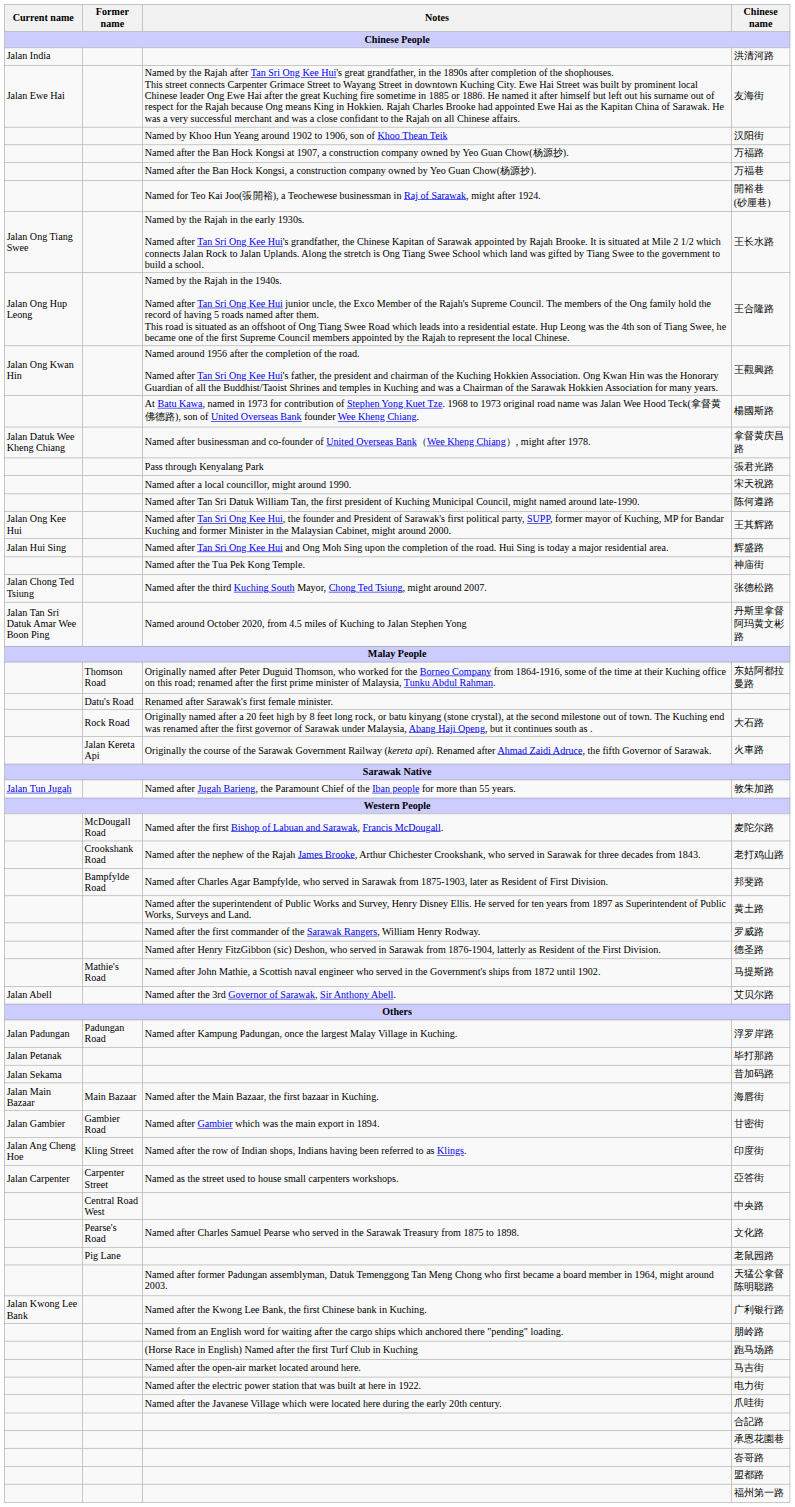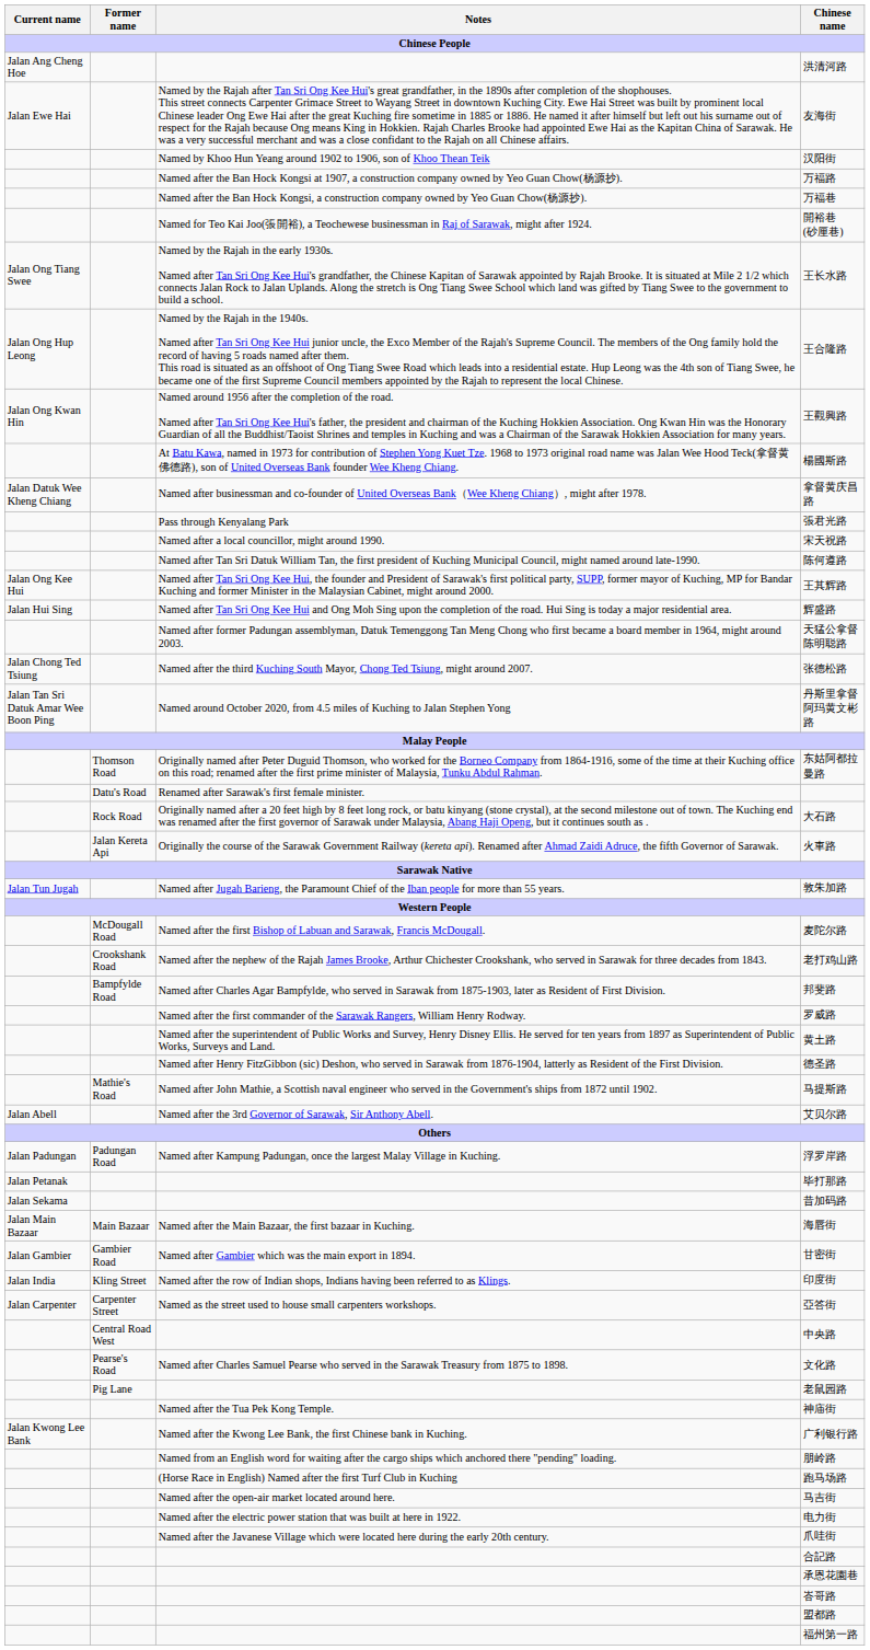 <table class="wikitable" border="1">
 <tr>
 <th>Current name</th>
 <th>Former name</th>
 <th>Notes</th>
 <th>Chinese name</th>
 </tr>
 <tr>
 <th colspan="4" style="background: #ccf;">Chinese People</th>
 </tr>
 <tr>
-<td>Jalan India</td>
+<td>Jalan Ang Cheng Hoe</td>
 <td></td>
 <td></td>
 <td>洪清河路</td>
 </tr>
 <tr>
 <td>Jalan Ewe Hai</td>
 <td></td>
 <td>Named by the Rajah after <a href='#'>Tan Sri Ong Kee Hui</a>'s great grandfather, in the 1890s after completion of the shophouses.<br>This street connects Carpenter Grimace Street to Wayang Street in downtown Kuching City. Ewe Hai Street was built by prominent local Chinese leader Ong Ewe Hai after the great Kuching fire sometime in 1885 or 1886. He named it after himself but left out his surname out of respect for the Rajah because Ong means King in Hokkien. Rajah Charles Brooke had appointed Ewe Hai as the Kapitan China of Sarawak. He was a very successful merchant and was a close confidant to the Rajah on all Chinese affairs.</td>
 <td>友海街</td>
 </tr>
 <tr>
 <td></td>
 <td></td>
 <td>Named by Khoo Hun Yeang around 1902 to 1906, son of <a href='#'>Khoo Thean Teik</a></td>
 <td>汉阳街</td>
 </tr>
 <tr>
 <td></td>
 <td></td>
 <td>Named after the Ban Hock Kongsi at 1907, a construction company owned by Yeo Guan Chow(杨源抄).</td>
 <td>万福路</td>
 </tr>
 <tr>
 <td></td>
 <td></td>
 <td>Named after the Ban Hock Kongsi, a construction company owned by Yeo Guan Chow(杨源抄).</td>
 <td>万福巷</td>
 </tr>
 <tr>
 <td></td>
 <td></td>
 <td>Named for Teo Kai Joo(張開裕), a Teochewese businessman in <a href='#'>Raj of Sarawak</a>, might after 1924.</td>
 <td>開裕巷<br>(砂厘巷)</td>
 </tr>
 <tr>
 <td>Jalan Ong Tiang Swee</td>
 <td></td>
 <td>Named by the Rajah in the early 1930s.<br><br>Named after <a href='#'>Tan Sri Ong Kee Hui</a>'s grandfather, the Chinese Kapitan of Sarawak appointed by Rajah Brooke. It is situated at Mile 2 1/2 which connects Jalan Rock to Jalan Uplands. Along the stretch is Ong Tiang Swee School which land was gifted by Tiang Swee to the government to build a school.</td>
 <td>王长水路</td>
 </tr>
 <tr>
 <td>Jalan Ong Hup Leong</td>
 <td></td>
 <td>Named by the Rajah in the 1940s.<br><br>Named after <a href='#'>Tan Sri Ong Kee Hui</a> junior uncle, the Exco Member of the Rajah's Supreme Council. The members of the Ong family hold the record of having 5 roads named after them.<br> This road is situated as an offshoot of Ong Tiang Swee Road which leads into a residential estate. Hup Leong was the 4th son of Tiang Swee, he became one of the first Supreme Council members appointed by the Rajah to represent the local Chinese.</td>
 <td>王合隆路</td>
 </tr>
 <tr>
 <td>Jalan Ong Kwan Hin</td>
 <td></td>
 <td>Named around 1956 after the completion of the road.<br><br>Named after <a href='#'>Tan Sri Ong Kee Hui</a>'s father, the president and chairman of the Kuching Hokkien Association. Ong Kwan Hin was the Honorary Guardian of all the Buddhist/Taoist Shrines and temples in Kuching and was a Chairman of the Sarawak Hokkien Association for many years.</td>
 <td>王觀興路</td>
 </tr>
 <tr>
 <td></td>
 <td></td>
 <td>At <a href='#'>Batu Kawa</a>, named in 1973 for contribution of <a href='#'>Stephen Yong Kuet Tze</a>.  1968 to 1973 original road name was Jalan Wee Hood Teck(拿督黄佛德路), son of <a href='#'>United Overseas Bank</a> founder <a href='#'>Wee Kheng Chiang</a>.</td>
 <td>楊國斯路</td>
 </tr>
 <tr>
 <td>Jalan Datuk Wee Kheng Chiang</td>
 <td></td>
 <td>Named after businessman and co-founder of <a href='#'>United Overseas Bank</a>（<a href='#'>Wee Kheng Chiang</a>）, might after 1978.</td>
 <td>拿督黄庆昌路</td>
 </tr>
 <tr>
 <td></td>
 <td></td>
 <td>Pass through Kenyalang Park</td>
 <td>張君光路</td>
 </tr>
 <tr>
 <td></td>
 <td></td>
 <td>Named after a local councillor, might around 1990.</td>
 <td>宋天祝路</td>
 </tr>
 <tr>
 <td></td>
 <td></td>
 <td>Named after Tan Sri Datuk William Tan, the first president of Kuching Municipal Council, might named around late-1990.</td>
 <td>陈何遵路</td>
 </tr>
 <tr>
 <td>Jalan Ong Kee Hui</td>
 <td></td>
 <td>Named after <a href='#'>Tan Sri Ong Kee Hui</a>, the founder and President of Sarawak's first political party, <a href='#'>SUPP</a>, former mayor of Kuching, MP for Bandar Kuching and former Minister in the Malaysian Cabinet, might around 2000.</td>
 <td>王其辉路</td>
 </tr>
 <tr>
 <td>Jalan Hui Sing</td>
 <td></td>
 <td>Named after <a href='#'>Tan Sri Ong Kee Hui</a> and Ong Moh Sing upon the completion of the road. Hui Sing is today a major residential area.</td>
 <td>辉盛路</td>
 </tr>
 <tr>
 <td></td>
 <td></td>
-<td>Named after the Tua Pek Kong Temple.</td>
-<td>神庙街</td>
+<td>Named after former Padungan assemblyman, Datuk Temenggong Tan Meng Chong who first became a board member in 1964, might around 2003.</td>
+<td>天猛公拿督陈明聪路</td>
 </tr>
 <tr>
 <td>Jalan Chong Ted Tsiung</td>
 <td></td>
 <td>Named after the third <a href='#'>Kuching South</a> Mayor, <a href='#'>Chong Ted Tsiung</a>, might around 2007.</td>
 <td>张德松路</td>
 </tr>
 <tr>
 <td>Jalan Tan Sri Datuk Amar Wee Boon Ping</td>
 <td></td>
 <td>Named around October 2020, from 4.5 miles of Kuching to Jalan Stephen Yong</td>
 <td>丹斯里拿督阿玛黄文彬路</td>
 </tr>
 <tr>
 <th colspan="4" style="background: #ccf;">Malay People</th>
 </tr>
 <tr>
 <td></td>
 <td>Thomson Road</td>
 <td>Originally named after Peter Duguid Thomson, who worked for the <a href='#'>Borneo Company</a> from 1864-1916, some of the time at their Kuching office on this road; renamed after the first prime minister of Malaysia, <a href='#'>Tunku Abdul Rahman</a>.</td>
 <td>东姑阿都拉曼路</td>
 </tr>
 <tr>
 <td></td>
 <td>Datu's Road</td>
 <td>Renamed after Sarawak's first female minister.</td>
 <td></td>
 </tr>
 <tr>
 <td></td>
 <td>Rock Road</td>
 <td>Originally named after a 20 feet high by 8 feet long rock, or batu kinyang (stone crystal), at the second milestone out of town. The Kuching end was renamed after the first governor of Sarawak under Malaysia, <a href='#'>Abang Haji Openg</a>, but it continues south as .</td>
 <td>大石路</td>
 </tr>
 <tr>
 <td></td>
 <td>Jalan Kereta Api</td>
 <td>Originally the course of the Sarawak Government Railway (<em>kereta api</em>). Renamed after <a href='#'>Ahmad Zaidi Adruce</a>, the fifth Governor of Sarawak.</td>
 <td>火車路</td>
 </tr>
 <tr>
 <th colspan="4" style="background: #ccf;">Sarawak Native</th>
 </tr>
 <tr>
 <td><a href='#'>Jalan Tun Jugah</a></td>
 <td></td>
 <td>Named after <a href='#'>Jugah Barieng</a>, the Paramount Chief of the <a href='#'>Iban people</a> for more than 55 years.</td>
 <td>敦朱加路</td>
 </tr>
 <tr>
 <th colspan="4" style="background: #ccf;">Western People</th>
 </tr>
 <tr>
 <td></td>
 <td>McDougall Road</td>
 <td>Named after the first <a href='#'>Bishop of Labuan and Sarawak</a>, <a href='#'>Francis McDougall</a>.</td>
 <td>麦陀尔路</td>
 </tr>
 <tr>
 <td></td>
 <td>Crookshank Road</td>
 <td>Named after the nephew of the Rajah <a href='#'>James Brooke</a>, Arthur Chichester Crookshank, who served in Sarawak for three decades from 1843.</td>
 <td>老打鸡山路</td>
 </tr>
 <tr>
 <td></td>
 <td>Bampfylde Road</td>
 <td>Named after Charles Agar Bampfylde, who served in Sarawak from 1875-1903, later as Resident of First Division.</td>
 <td>邦斐路</td>
 </tr>
 <tr>
 <td></td>
 <td></td>
-<td>Named after the superintendent of Public Works and Survey, Henry Disney Ellis. He served for ten years from 1897 as Superintendent of Public Works, Surveys and Land.</td>
-<td>黄土路</td>
+<td>Named after the first commander of the <a href='#'>Sarawak Rangers</a>, William Henry Rodway.</td>
+<td>罗威路</td>
 </tr>
 <tr>
 <td></td>
 <td></td>
-<td>Named after the first commander of the <a href='#'>Sarawak Rangers</a>, William Henry Rodway.</td>
-<td>罗威路</td>
+<td>Named after the superintendent of Public Works and Survey, Henry Disney Ellis. He served for ten years from 1897 as Superintendent of Public Works, Surveys and Land.</td>
+<td>黄土路</td>
 </tr>
 <tr>
 <td></td>
 <td></td>
 <td>Named after Henry FitzGibbon (sic) Deshon, who served in Sarawak from 1876-1904, latterly as Resident of the First Division.</td>
 <td>德圣路</td>
 </tr>
 <tr>
 <td></td>
 <td>Mathie's Road</td>
 <td>Named after John Mathie, a Scottish naval engineer who served in the Government's ships from 1872 until 1902.</td>
 <td>马提斯路</td>
 </tr>
 <tr>
 <td>Jalan Abell</td>
 <td></td>
 <td>Named after the 3rd <a href='#'>Governor of Sarawak</a>, <a href='#'>Sir Anthony Abell</a>.</td>
 <td>艾贝尔路</td>
 </tr>
 <tr>
 <th colspan="4" style="background: #ccf;">Others</th>
 </tr>
 <tr>
 <td>Jalan Padungan</td>
 <td>Padungan Road</td>
 <td>Named after Kampung Padungan, once the largest Malay Village in Kuching.</td>
 <td>浮罗岸路</td>
 </tr>
 <tr>
 <td>Jalan Petanak</td>
 <td></td>
 <td></td>
 <td>毕打那路</td>
 </tr>
 <tr>
 <td>Jalan Sekama</td>
 <td></td>
 <td></td>
 <td>昔加码路</td>
 </tr>
 <tr>
 <td>Jalan Main Bazaar</td>
 <td>Main Bazaar</td>
 <td>Named after the Main Bazaar, the first bazaar in Kuching.</td>
 <td>海唇街</td>
 </tr>
 <tr>
 <td>Jalan Gambier</td>
 <td>Gambier Road</td>
 <td>Named after <a href='#'>Gambier</a> which was the main export in 1894.</td>
 <td>甘密街</td>
 </tr>
 <tr>
-<td>Jalan Ang Cheng Hoe</td>
+<td>Jalan India</td>
 <td>Kling Street</td>
 <td>Named after the row of Indian shops, Indians having been referred to as <a href='#'>Klings</a>.</td>
 <td>印度街</td>
 </tr>
 <tr>
 <td>Jalan Carpenter</td>
 <td>Carpenter Street</td>
 <td>Named as the street used to house small carpenters workshops.</td>
 <td>亞答街</td>
 </tr>
 <tr>
 <td></td>
 <td>Central Road West</td>
 <td></td>
 <td>中央路</td>
 </tr>
 <tr>
 <td></td>
 <td>Pearse's Road</td>
 <td>Named after Charles Samuel Pearse who served in the Sarawak Treasury from 1875 to 1898.</td>
 <td>文化路</td>
 </tr>
 <tr>
 <td></td>
 <td>Pig Lane</td>
 <td></td>
 <td>老鼠园路</td>
 </tr>
 <tr>
 <td></td>
 <td></td>
-<td>Named after former Padungan assemblyman, Datuk Temenggong Tan Meng Chong who first became a board member in 1964, might around 2003.</td>
-<td>天猛公拿督陈明聪路</td>
+<td>Named after the Tua Pek Kong Temple.</td>
+<td>神庙街</td>
 </tr>
 <tr>
 <td>Jalan Kwong Lee Bank</td>
 <td></td>
 <td>Named after the Kwong Lee Bank, the first Chinese bank in Kuching.</td>
 <td>广利银行路</td>
 </tr>
 <tr>
 <td></td>
 <td></td>
 <td>Named from an English word for waiting after the cargo ships which anchored there "pending" loading.</td>
 <td>朋岭路</td>
 </tr>
 <tr>
 <td></td>
 <td></td>
 <td>(Horse Race in English) Named after the first Turf Club in Kuching</td>
 <td>跑马场路</td>
 </tr>
 <tr>
 <td></td>
 <td></td>
 <td>Named after the open-air market located around here.</td>
 <td>马吉街</td>
 </tr>
 <tr>
 <td></td>
 <td></td>
 <td>Named after the electric power station that was built at here in 1922.</td>
 <td>电力街</td>
 </tr>
 <tr>
 <td></td>
 <td></td>
 <td>Named after the Javanese Village which were located here during the early 20th century.</td>
 <td>爪哇街</td>
 </tr>
 <tr>
 <td></td>
 <td></td>
 <td></td>
 <td>合記路</td>
 </tr>
 <tr>
 <td></td>
 <td></td>
 <td></td>
 <td>承恩花園巷</td>
 </tr>
 <tr>
 <td></td>
 <td></td>
 <td></td>
 <td>峇哥路</td>
 </tr>
 <tr>
 <td></td>
 <td></td>
 <td></td>
 <td>盟都路</td>
 </tr>
 <tr>
 <td></td>
 <td></td>
 <td></td>
 <td>福州第一路</td>
 </tr>
 </table>
